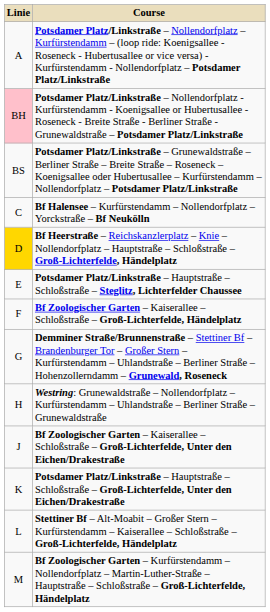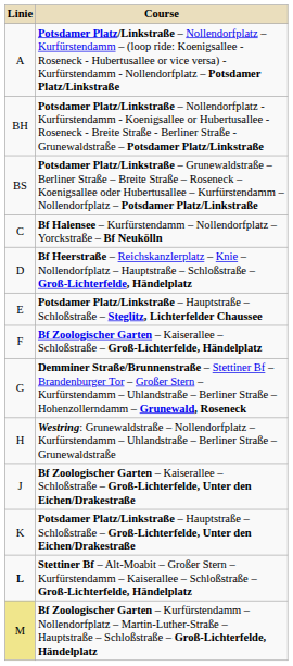 <table class="wikitable float-left mw-collapsible" width="30%" style="font-size:95%; text-align:center;">
 <tr>
 <th style="background:#EADEBD;">Linie</th>
 <th style="background:#EADEBD;">Course</th>
 </tr>
 <tr>
 <td>A</td>
 <td style="text-align:left;"><strong><a href='#'>Potsdamer Platz</a>/Linkstraße</strong> – <a href='#'>Nollendorfplatz</a> – <a href='#'>Kurfürstendamm</a> – (loop ride: Koenigsallee - Roseneck - Hubertusallee or vice versa) - Kurfürstendamm - Nollendorfplatz – <strong>Potsdamer Platz/Linkstraße</strong></td>
 </tr>
 <tr>
-<td style="background: pink;">BH</td>
+<td>BH</td>
 <td style="text-align:left;"><strong>Potsdamer Platz/Linkstraße</strong> – Nollendorfplatz - Kurfürstendamm - Koenigsallee or Hubertusallee - Roseneck - Breite Straße - Berliner Straße - Grunewaldstraße – <strong>Potsdamer Platz/Linkstraße</strong></td>
 </tr>
 <tr>
 <td>BS</td>
 <td style="text-align:left;"><strong>Potsdamer Platz/Linkstraße</strong> – Grunewaldstraße – Berliner Straße – Breite Straße – Roseneck – Koenigsallee oder Hubertusallee – Kurfürstendamm – Nollendorfplatz – <strong>Potsdamer Platz/Linkstraße</strong></td>
 </tr>
 <tr>
 <td>C</td>
 <td style="text-align:left;"><strong>Bf Halensee</strong> – Kurfürstendamm – Nollendorfplatz – Yorckstraße – <strong>Bf Neukölln</strong></td>
 </tr>
 <tr>
-<td style="background: gold;">D</td>
+<td>D</td>
 <td style="text-align:left;"><strong>Bf Heerstraße</strong> – <a href='#'>Reichskanzlerplatz</a> – <a href='#'>Knie</a> – Nollendorfplatz – Hauptstraße – Schloßstraße – <strong><a href='#'>Groß-Lichterfelde</a>, Händelplatz</strong></td>
 </tr>
 <tr>
 <td>E</td>
 <td style="text-align:left;"><strong>Potsdamer Platz/Linkstraße</strong> – Hauptstraße – Schloßstraße – <strong><a href='#'>Steglitz</a>, Lichterfelder Chaussee</strong></td>
 </tr>
 <tr>
 <td>F</td>
 <td style="text-align:left;"><strong><a href='#'>Bf Zoologischer Garten</a></strong> – Kaiserallee – Schloßstraße – <strong>Groß-Lichterfelde, Händelplatz</strong></td>
 </tr>
 <tr>
 <td>G</td>
 <td style="text-align:left;"><strong>Demminer Straße/Brunnenstraße</strong> – <a href='#'>Stettiner Bf</a> – <a href='#'>Brandenburger Tor</a> – <a href='#'>Großer Stern</a> – Kurfürstendamm – Uhlandstraße – Berliner Straße – Hohenzollerndamm – <strong><a href='#'>Grunewald</a>, Roseneck</strong></td>
 </tr>
 <tr>
 <td>H</td>
 <td style="text-align:left;"><strong><em>Westring</em></strong>: Grunewaldstraße – Nollendorfplatz – Kurfürstendamm – Uhlandstraße – Berliner Straße – Grunewaldstraße</td>
 </tr>
 <tr>
 <td>J</td>
 <td style="text-align:left;"><strong>Bf Zoologischer Garten</strong> – Kaiserallee – Schloßstraße – <strong>Groß-Lichterfelde, Unter den Eichen/Drakestraße</strong></td>
 </tr>
 <tr>
 <td>K</td>
 <td style="text-align:left;"><strong>Potsdamer Platz/Linkstraße</strong> – Hauptstraße – Schloßstraße – <strong>Groß-Lichterfelde, Unter den Eichen/Drakestraße</strong></td>
 </tr>
 <tr>
-<td>L</td>
+<td><strong>L</strong></td>
 <td style="text-align:left;"><strong>Stettiner Bf</strong> – Alt-Moabit – Großer Stern – Kurfürstendamm – Kaiserallee – Schloßstraße – <strong>Groß-Lichterfelde, Händelplatz</strong></td>
 </tr>
 <tr>
-<td>M</td>
+<td style="background: khaki;">M</td>
 <td style="text-align:left;"><strong>Bf Zoologischer Garten</strong> – Kurfürstendamm – Nollendorfplatz – Martin-Luther-Straße – Hauptstraße – Schloßstraße – <strong>Groß-Lichterfelde, Händelplatz</strong></td>
 </tr>
 </table>
